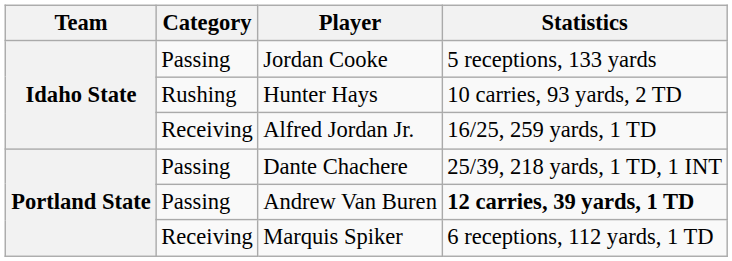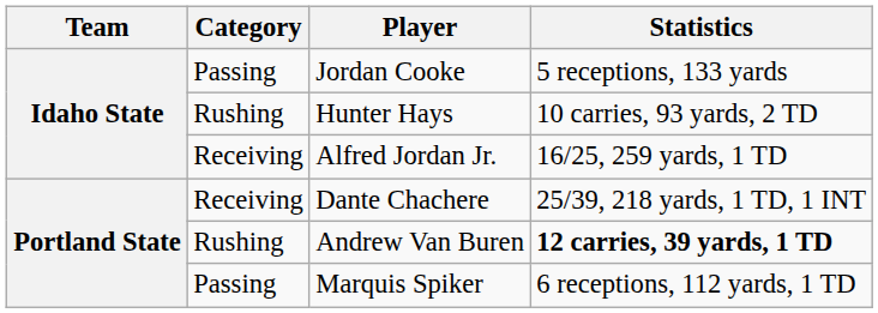 <table class="wikitable" style="float:right">
 <tr>
 <th>Team</th>
 <th>Category</th>
 <th>Player</th>
 <th>Statistics</th>
 </tr>
 <tr>
 <th rowspan=3>Idaho State</th>
 <td>Passing</td>
 <td>Jordan Cooke</td>
 <td>5 receptions, 133 yards</td>
 </tr>
 <tr>
 <td>Rushing</td>
 <td>Hunter Hays</td>
 <td>10 carries, 93 yards, 2 TD</td>
 </tr>
 <tr>
 <td>Receiving</td>
 <td>Alfred Jordan Jr.</td>
 <td>16/25, 259 yards, 1 TD</td>
 </tr>
 <tr>
 <th rowspan=3>Portland State</th>
-<td>Passing</td>
+<td>Receiving</td>
 <td>Dante Chachere</td>
 <td>25/39, 218 yards, 1 TD, 1 INT</td>
 </tr>
 <tr>
-<td>Passing</td>
+<td>Rushing</td>
 <td>Andrew Van Buren</td>
 <td><strong>12 carries, 39 yards, 1 TD</strong></td>
 </tr>
 <tr>
-<td>Receiving</td>
+<td>Passing</td>
 <td>Marquis Spiker</td>
 <td>6 receptions, 112 yards, 1 TD</td>
 </tr>
 </table>
